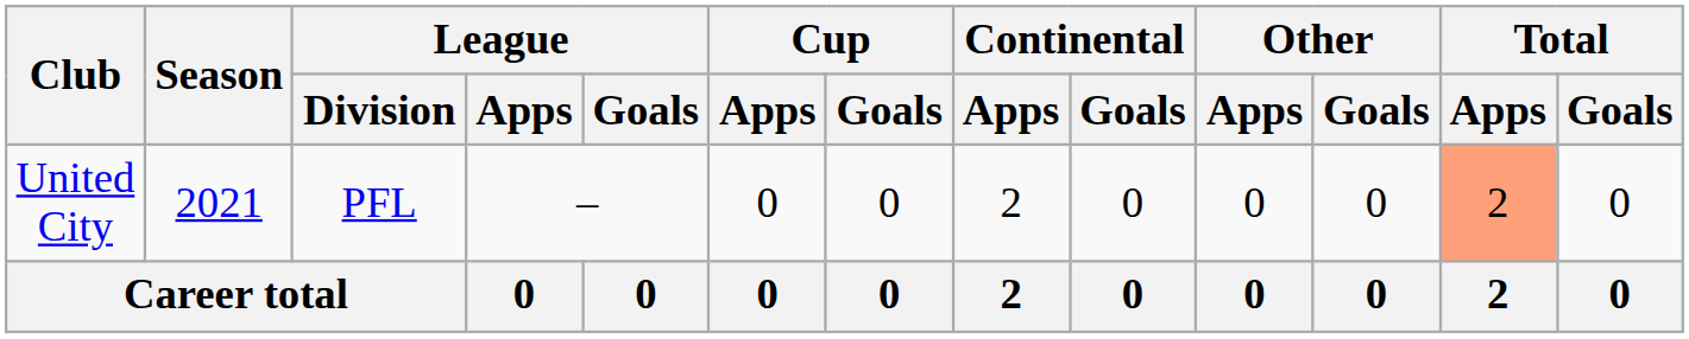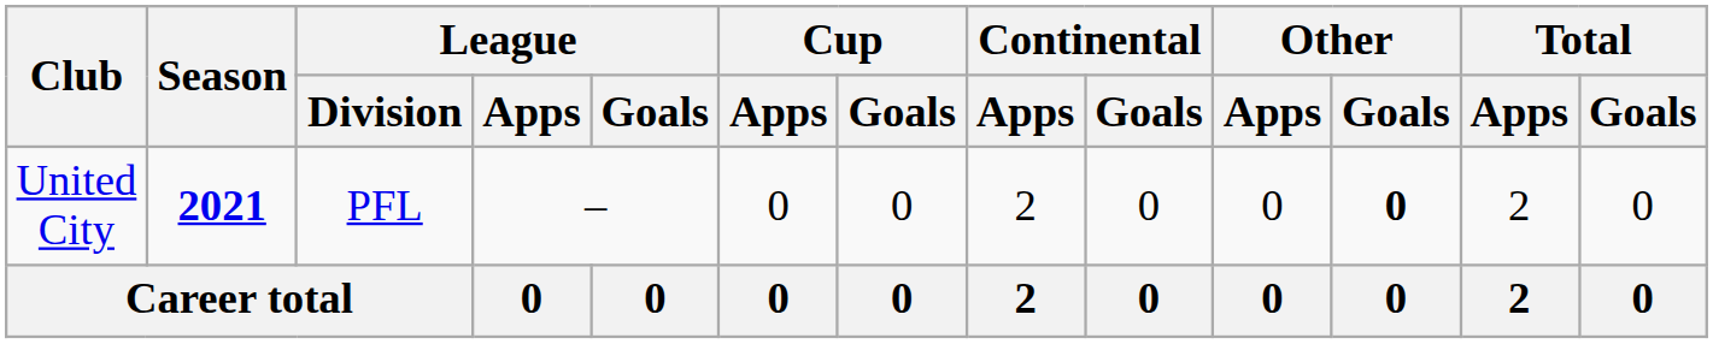 <table class="wikitable" style="text-align:center">
 <tr>
 <th rowspan="2">Club</th>
 <th rowspan="2">Season</th>
 <th colspan="3">League</th>
 <th colspan="2">Cup</th>
 <th colspan="2">Continental</th>
 <th colspan="2">Other</th>
 <th colspan="2">Total</th>
 </tr>
 <tr>
 <th>Division</th>
 <th>Apps</th>
 <th>Goals</th>
 <th>Apps</th>
 <th>Goals</th>
 <th>Apps</th>
 <th>Goals</th>
 <th>Apps</th>
 <th>Goals</th>
 <th>Apps</th>
 <th>Goals</th>
 </tr>
 <tr>
 <td><a href='#'>United City</a></td>
-<td><a href='#'>2021</a></td>
+<td><strong><a href='#'>2021</a></strong></td>
 <td><a href='#'>PFL</a></td>
 <td colspan="2">–</td>
 <td>0</td>
 <td>0</td>
 <td>2</td>
 <td>0</td>
 <td>0</td>
-<td>0</td>
-<td style="background: lightsalmon;">2</td>
+<td><strong>0</strong></td>
+<td>2</td>
 <td>0</td>
 </tr>
 <tr>
 <th colspan="3">Career total</th>
 <th>0</th>
 <th>0</th>
 <th>0</th>
 <th>0</th>
 <th>2</th>
 <th>0</th>
 <th>0</th>
 <th>0</th>
 <th>2</th>
 <th>0</th>
 </tr>
 </table>
